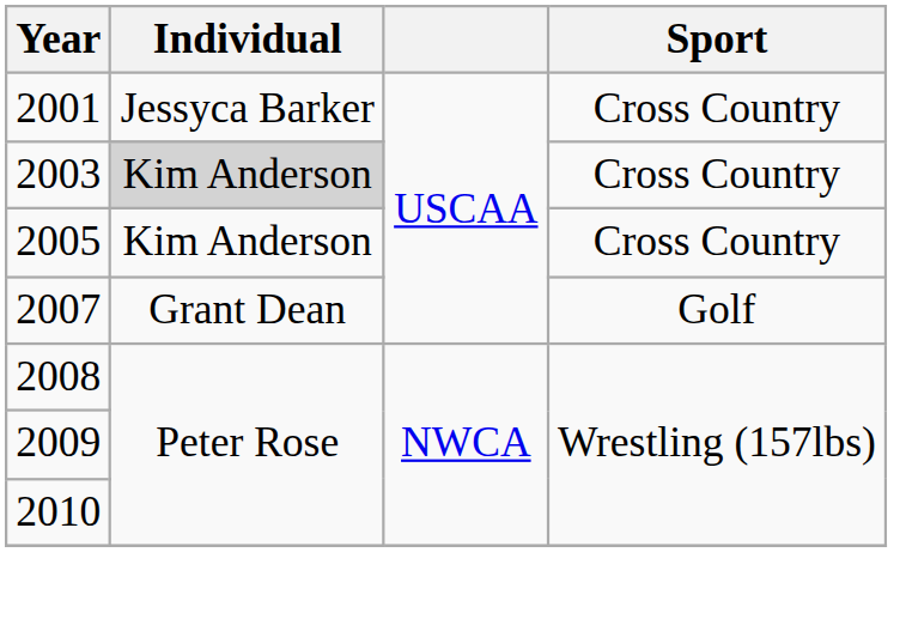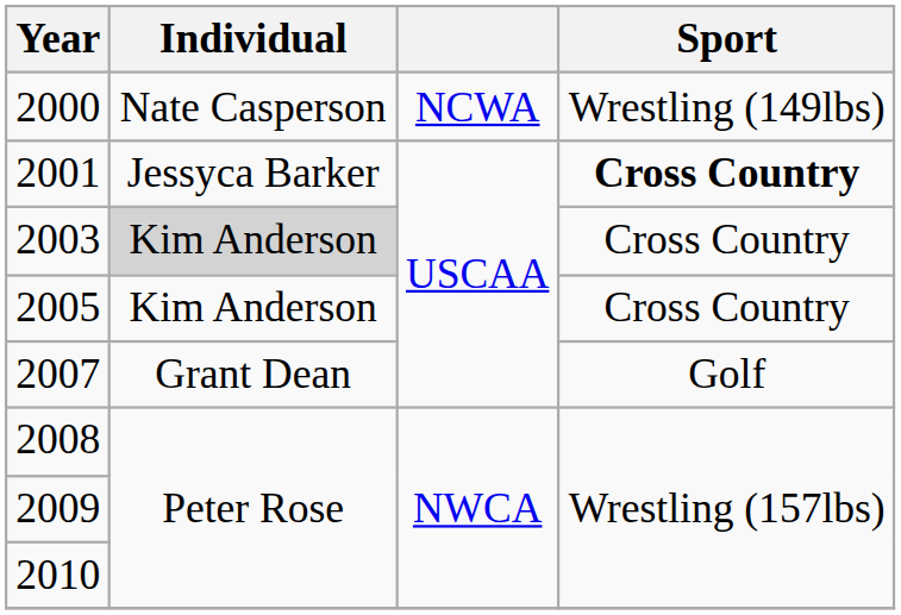 <table class="wikitable sortable" style="text-align:center">
 <tr>
 <th>Year</th>
 <th>Individual</th>
 <th></th>
 <th>Sport</th>
 </tr>
 <tr>
+<td>2000</td>
+<td>Nate Casperson</td>
+<td><a href='#'>NCWA</a></td>
+<td>Wrestling (149lbs)</td>
+</tr>
+<tr>
 <td>2001</td>
 <td>Jessyca Barker</td>
 <td rowspan="4"><a href='#'>USCAA</a></td>
-<td>Cross Country</td>
+<td><strong>Cross Country</strong></td>
 </tr>
 <tr>
 <td>2003</td>
 <td style="background: lightgrey;">Kim Anderson</td>
 <td>Cross Country</td>
 </tr>
 <tr>
 <td>2005</td>
 <td>Kim Anderson</td>
 <td>Cross Country</td>
 </tr>
 <tr>
 <td>2007</td>
 <td>Grant Dean</td>
 <td>Golf</td>
 </tr>
 <tr>
 <td>2008</td>
 <td rowspan="3">Peter Rose</td>
 <td rowspan="3"><a href='#'>NWCA</a></td>
 <td rowspan="3">Wrestling (157lbs)</td>
 </tr>
 <tr>
 <td>2009</td>
 </tr>
 <tr>
 <td>2010</td>
 </tr>
 <tr>
 </tr>
 </table>
